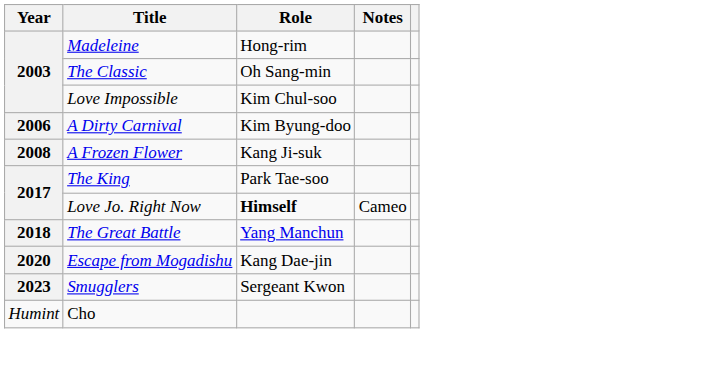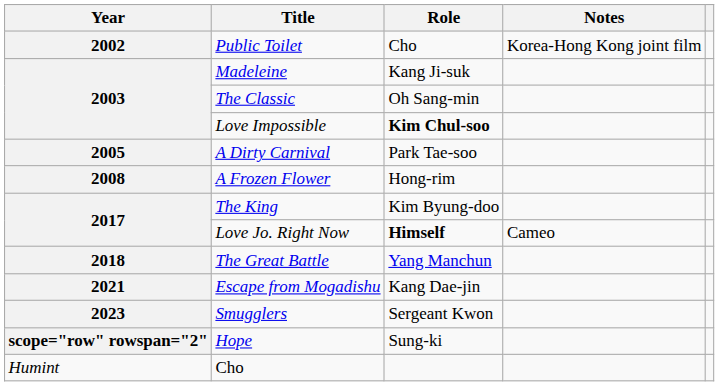 <table class="wikitable sortable plainrowheaders">
 <tr>
 <th scope="col">Year</th>
 <th scope="col">Title</th>
 <th scope="col">Role</th>
 <th scope="col" class="unsortable">Notes</th>
 <th scope="col" class="unsortable"></th>
 </tr>
 <tr>
+<th scope="row">2002</th>
+<td><em><a href='#'>Public Toilet</a></em></td>
+<td>Cho</td>
+<td>Korea-Hong Kong joint film</td>
+<td></td>
+</tr>
+<tr>
 <th scope="row" rowspan=3>2003</th>
 <td><em><a href='#'>Madeleine</a></em></td>
-<td>Hong-rim</td>
+<td>Kang Ji-suk</td>
 <td></td>
 <td></td>
 </tr>
 <tr>
 <td><em><a href='#'>The Classic</a></em></td>
 <td>Oh Sang-min</td>
 <td></td>
 <td></td>
 </tr>
 <tr>
 <td><em>Love Impossible</em></td>
-<td>Kim Chul-soo</td>
+<td><strong>Kim Chul-soo</strong></td>
 <td></td>
 <td></td>
 </tr>
 <tr>
-<th scope="row">2006</th>
+<th scope="row">2005</th>
 <td><em><a href='#'>A Dirty Carnival</a></em></td>
-<td>Kim Byung-doo</td>
+<td>Park Tae-soo</td>
 <td></td>
 <td></td>
 </tr>
 <tr>
 <th scope="row">2008</th>
 <td><em><a href='#'>A Frozen Flower</a></em></td>
-<td>Kang Ji-suk</td>
+<td>Hong-rim</td>
 <td></td>
 <td></td>
 </tr>
 <tr>
 <th scope="row" rowspan=2>2017</th>
 <td><em><a href='#'>The King</a></em></td>
-<td>Park Tae-soo</td>
+<td>Kim Byung-doo</td>
 <td></td>
 <td></td>
 </tr>
 <tr>
 <td Love Jo. Right Now (Short Film; 2017 Korean film)><em>Love Jo. Right Now</em></td>
 <td><strong>Himself</strong></td>
 <td>Cameo</td>
 <td></td>
 </tr>
 <tr>
 <th scope="row">2018</th>
 <td><em><a href='#'>The Great Battle</a></em></td>
 <td><a href='#'>Yang Manchun</a></td>
 <td></td>
 <td></td>
 </tr>
 <tr>
-<th scope="row">2020</th>
+<th scope="row">2021</th>
 <td><em><a href='#'>Escape from Mogadishu</a></em></td>
 <td>Kang Dae-jin</td>
 <td></td>
 <td></td>
 </tr>
 <tr>
 <th scope="row">2023</th>
 <td><em><a href='#'>Smugglers</a></em></td>
 <td>Sergeant Kwon</td>
 <td></td>
 <td></td>
 </tr>
 <tr>
+<th>scope="row" rowspan="2" </th>
+<td><em><a href='#'>Hope</a></em></td>
+<td>Sung-ki</td>
+<td></td>
+<td></td>
+</tr>
+<tr>
 <td><em>Humint</em></td>
 <td>Cho</td>
 <td></td>
 <td></td>
 </tr>
 </table>
